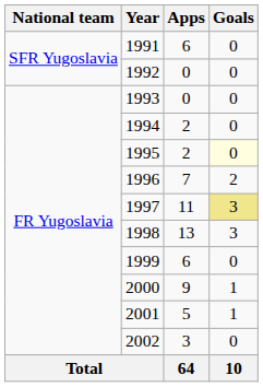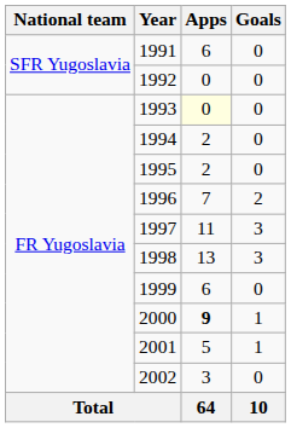 <table class="wikitable" style="text-align:center">
 <tr>
 <th>National team</th>
 <th>Year</th>
 <th>Apps</th>
 <th>Goals</th>
 </tr>
 <tr>
 <td rowspan="2"><a href='#'>SFR Yugoslavia</a></td>
 <td>1991</td>
 <td>6</td>
 <td>0</td>
 </tr>
 <tr>
 <td>1992</td>
 <td>0</td>
 <td>0</td>
 </tr>
 <tr>
 <td rowspan="10"><a href='#'>FR Yugoslavia</a></td>
 <td>1993</td>
-<td>0</td>
+<td style="background: lightyellow;">0</td>
 <td>0</td>
 </tr>
 <tr>
 <td>1994</td>
 <td>2</td>
 <td>0</td>
 </tr>
 <tr>
 <td>1995</td>
 <td>2</td>
-<td style="background: lightyellow;">0</td>
+<td>0</td>
 </tr>
 <tr>
 <td>1996</td>
 <td>7</td>
 <td>2</td>
 </tr>
 <tr>
 <td>1997</td>
 <td>11</td>
-<td style="background: khaki;">3</td>
+<td>3</td>
 </tr>
 <tr>
 <td>1998</td>
 <td>13</td>
 <td>3</td>
 </tr>
 <tr>
 <td>1999</td>
 <td>6</td>
 <td>0</td>
 </tr>
 <tr>
 <td>2000</td>
-<td>9</td>
+<td><strong>9</strong></td>
 <td>1</td>
 </tr>
 <tr>
 <td>2001</td>
 <td>5</td>
 <td>1</td>
 </tr>
 <tr>
 <td>2002</td>
 <td>3</td>
 <td>0</td>
 </tr>
 <tr>
 <th colspan="2">Total</th>
 <th>64</th>
 <th>10</th>
 </tr>
 </table>
